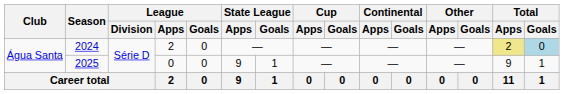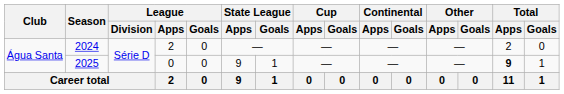 <table class="wikitable" style="text-align: center;">
 <tr>
 <th rowspan="2">Club</th>
 <th rowspan="2">Season</th>
 <th colspan="3">League</th>
 <th colspan="2">State League</th>
 <th colspan="2">Cup</th>
 <th colspan="2">Continental</th>
 <th colspan="2">Other</th>
 <th colspan="2">Total</th>
 </tr>
 <tr>
 <th>Division</th>
 <th>Apps</th>
 <th>Goals</th>
 <th>Apps</th>
 <th>Goals</th>
 <th>Apps</th>
 <th>Goals</th>
 <th>Apps</th>
 <th>Goals</th>
 <th>Apps</th>
 <th>Goals</th>
 <th>Apps</th>
 <th>Goals</th>
 </tr>
 <tr>
 <td rowspan="2" valign="center"><a href='#'>Água Santa</a></td>
 <td><a href='#'>2024</a></td>
 <td rowspan="2"><a href='#'>Série D</a></td>
 <td>2</td>
 <td>0</td>
 <td colspan="2">—</td>
 <td colspan="2">—</td>
 <td colspan="2">—</td>
 <td colspan="2">—</td>
-<td style="background: khaki;">2</td>
-<td style="background: lightblue;">0</td>
+<td>2</td>
+<td>0</td>
 </tr>
 <tr>
 <td><a href='#'>2025</a></td>
 <td>0</td>
 <td>0</td>
 <td>9</td>
 <td>1</td>
 <td colspan="2">—</td>
 <td colspan="2">—</td>
 <td colspan="2">—</td>
-<td>9</td>
+<td><strong>9</strong></td>
 <td>1</td>
 </tr>
 <tr>
 <th colspan="3"><strong>Career total</strong></th>
 <th>2</th>
 <th>0</th>
 <th>9</th>
 <th>1</th>
 <th>0</th>
 <th>0</th>
 <th>0</th>
 <th>0</th>
 <th>0</th>
 <th>0</th>
 <th>11</th>
 <th>1</th>
 </tr>
 </table>
